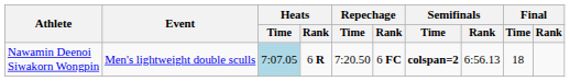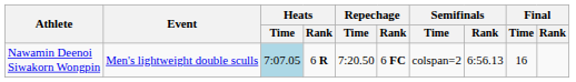 <table class="wikitable" style="font-size:90%">
 <tr>
 <th rowspan="2">Athlete</th>
 <th rowspan="2">Event</th>
 <th colspan="2">Heats</th>
 <th colspan="2">Repechage</th>
 <th colspan="2">Semifinals</th>
 <th colspan="2">Final</th>
 </tr>
 <tr style="font-size:95%">
 <th>Time</th>
 <th>Rank</th>
 <th>Time</th>
 <th>Rank</th>
 <th>Time</th>
 <th>Rank</th>
 <th>Time</th>
 <th>Rank</th>
 </tr>
 <tr align=center>
 <td align=left><a href='#'>Nawamin Deenoi</a><br><a href='#'>Siwakorn Wongpin</a></td>
 <td align=left><a href='#'>Men's lightweight double sculls</a></td>
 <td style="background: lightblue;">7:07.05</td>
 <td>6 <strong>R</strong></td>
 <td>7:20.50</td>
 <td>6 <strong>FC</strong></td>
-<td><strong>colspan=2 </strong></td>
+<td>colspan=2 </td>
 <td>6:56.13</td>
-<td>18</td>
+<td>16</td>
 </tr>
 </table>
